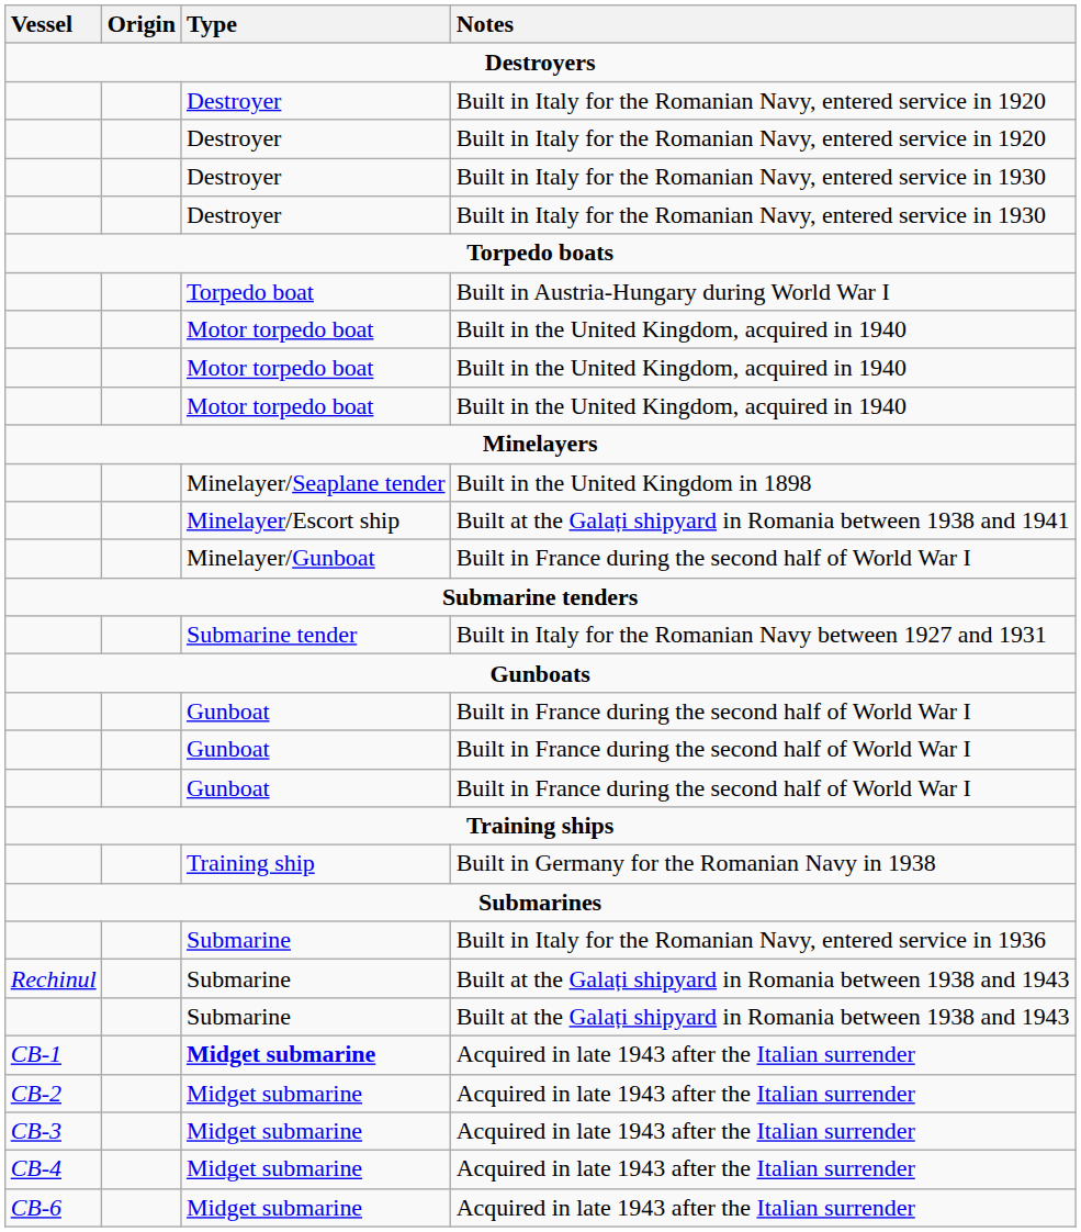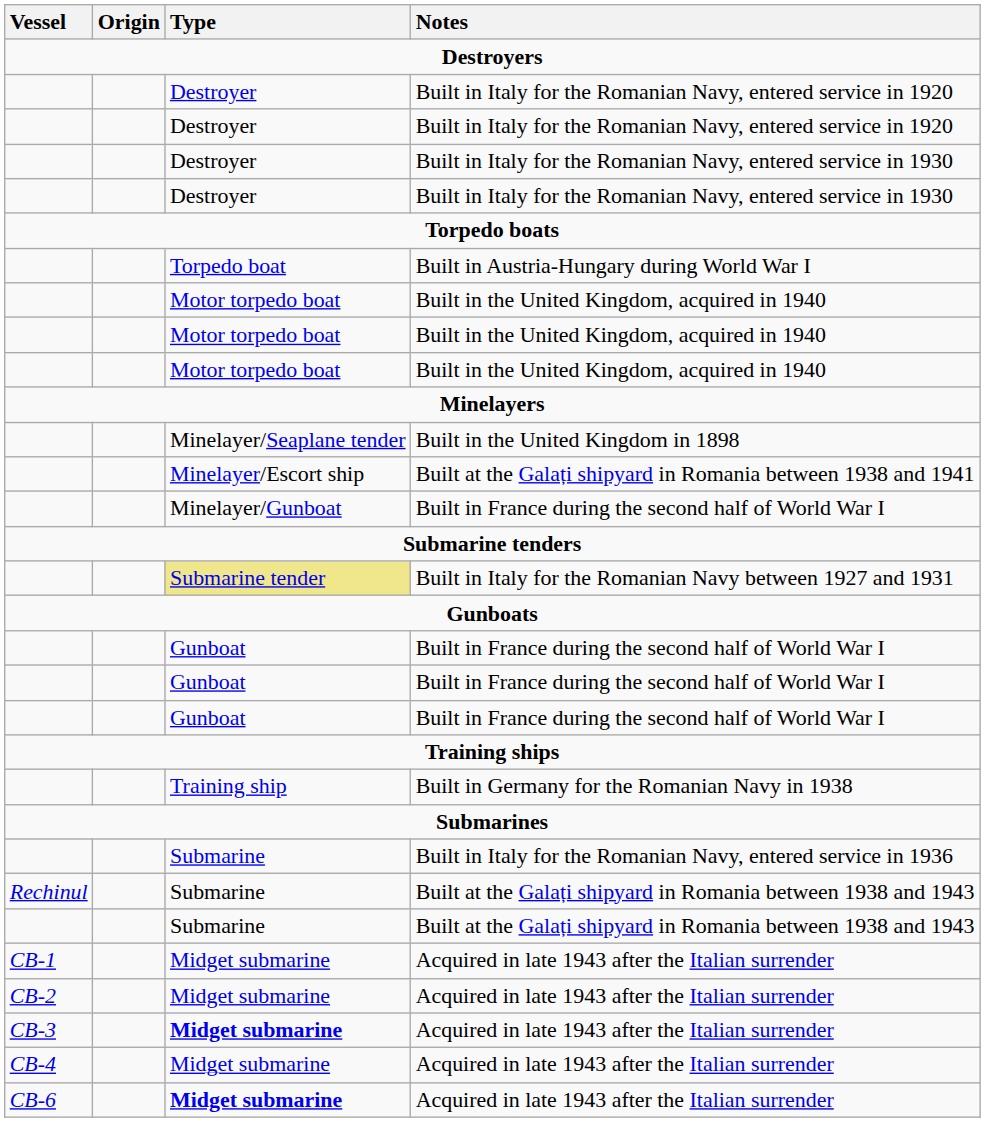 <table role="presentation" class="wikitable">
 <tr>
 <th style="text-align: left;">Vessel</th>
 <th style="text-align: left;">Origin</th>
 <th style="text-align: left;">Type</th>
 <th style="text-align: left;">Notes</th>
 </tr>
 <tr>
 <th colspan="6" style="background:#f9f9f9;">Destroyers</th>
 </tr>
 <tr>
 <td></td>
 <td></td>
 <td><a href='#'>Destroyer</a></td>
 <td>Built in Italy for the Romanian Navy, entered service in 1920</td>
 </tr>
 <tr>
 <td></td>
 <td></td>
 <td>Destroyer</td>
 <td>Built in Italy for the Romanian Navy, entered service in 1920</td>
 </tr>
 <tr>
 <td></td>
 <td></td>
 <td>Destroyer</td>
 <td>Built in Italy for the Romanian Navy, entered service in 1930</td>
 </tr>
 <tr>
 <td></td>
 <td></td>
 <td>Destroyer</td>
 <td>Built in Italy for the Romanian Navy, entered service in 1930</td>
 </tr>
 <tr>
 <th colspan="6" style="background:#f9f9f9;">Torpedo boats</th>
 </tr>
 <tr>
 <td></td>
 <td></td>
 <td><a href='#'>Torpedo boat</a></td>
 <td>Built in Austria-Hungary during World War I</td>
 </tr>
 <tr>
 <td></td>
 <td></td>
 <td><a href='#'>Motor torpedo boat</a></td>
 <td>Built in the United Kingdom, acquired in 1940</td>
 </tr>
 <tr>
 <td></td>
 <td></td>
 <td><a href='#'>Motor torpedo boat</a></td>
 <td>Built in the United Kingdom, acquired in 1940</td>
 </tr>
 <tr>
 <td></td>
 <td></td>
 <td><a href='#'>Motor torpedo boat</a></td>
 <td>Built in the United Kingdom, acquired in 1940</td>
 </tr>
 <tr>
 <th colspan="6" style="background:#f9f9f9;">Minelayers</th>
 </tr>
 <tr>
 <td></td>
 <td></td>
 <td>Minelayer/<a href='#'>Seaplane tender</a></td>
 <td>Built in the United Kingdom in 1898</td>
 </tr>
 <tr>
 <td></td>
 <td></td>
 <td><a href='#'>Minelayer</a>/Escort ship</td>
 <td>Built at the <a href='#'>Galați shipyard</a> in Romania between 1938 and 1941</td>
 </tr>
 <tr>
 <td></td>
 <td></td>
 <td>Minelayer/<a href='#'>Gunboat</a></td>
 <td>Built in France during the second half of World War I</td>
 </tr>
 <tr>
 <th colspan="6" style="background:#f9f9f9;">Submarine tenders</th>
 </tr>
 <tr>
 <td></td>
 <td></td>
-<td><a href='#'>Submarine tender</a></td>
+<td style="background: khaki;"><a href='#'>Submarine tender</a></td>
 <td>Built in Italy for the Romanian Navy between 1927 and 1931</td>
 </tr>
 <tr>
 <th colspan="6" style="background:#f9f9f9;">Gunboats</th>
 </tr>
 <tr>
 <td></td>
 <td></td>
 <td><a href='#'>Gunboat</a></td>
 <td>Built in France during the second half of World War I</td>
 </tr>
 <tr>
 <td></td>
 <td></td>
 <td><a href='#'>Gunboat</a></td>
 <td>Built in France during the second half of World War I</td>
 </tr>
 <tr>
 <td></td>
 <td></td>
 <td><a href='#'>Gunboat</a></td>
 <td>Built in France during the second half of World War I</td>
 </tr>
 <tr>
 <th colspan="6" style="background:#f9f9f9;">Training ships</th>
 </tr>
 <tr>
 <td></td>
 <td></td>
 <td><a href='#'>Training ship</a></td>
 <td>Built in Germany for the Romanian Navy in 1938</td>
 </tr>
 <tr>
 <th colspan="6" style="background:#f9f9f9;">Submarines</th>
 </tr>
 <tr>
 <td></td>
 <td></td>
 <td><a href='#'>Submarine</a></td>
 <td>Built in Italy for the Romanian Navy, entered service in 1936</td>
 </tr>
 <tr>
 <td><a href='#'><em>Rechinul</em></a></td>
 <td></td>
 <td>Submarine</td>
 <td>Built at the <a href='#'>Galați shipyard</a> in Romania between 1938 and 1943</td>
 </tr>
 <tr>
 <td></td>
 <td></td>
 <td>Submarine</td>
 <td>Built at the <a href='#'>Galați shipyard</a> in Romania between 1938 and 1943</td>
 </tr>
 <tr>
 <td><em><a href='#'>CB-1</a></em></td>
 <td></td>
-<td><strong><a href='#'>Midget submarine</a></strong></td>
+<td><a href='#'>Midget submarine</a></td>
 <td>Acquired in late 1943 after the <a href='#'>Italian surrender</a></td>
 </tr>
 <tr>
 <td><em><a href='#'>CB-2</a></em></td>
 <td></td>
 <td><a href='#'>Midget submarine</a></td>
 <td>Acquired in late 1943 after the <a href='#'>Italian surrender</a></td>
 </tr>
 <tr>
 <td><em><a href='#'>CB-3</a></em></td>
 <td></td>
-<td><a href='#'>Midget submarine</a></td>
+<td><strong><a href='#'>Midget submarine</a></strong></td>
 <td>Acquired in late 1943 after the <a href='#'>Italian surrender</a></td>
 </tr>
 <tr>
 <td><em><a href='#'>CB-4</a></em></td>
 <td></td>
 <td><a href='#'>Midget submarine</a></td>
 <td>Acquired in late 1943 after the <a href='#'>Italian surrender</a></td>
 </tr>
 <tr>
 <td><em><a href='#'>CB-6</a></em></td>
 <td></td>
-<td><a href='#'>Midget submarine</a></td>
+<td><strong><a href='#'>Midget submarine</a></strong></td>
 <td>Acquired in late 1943 after the <a href='#'>Italian surrender</a></td>
 </tr>
 </table>
